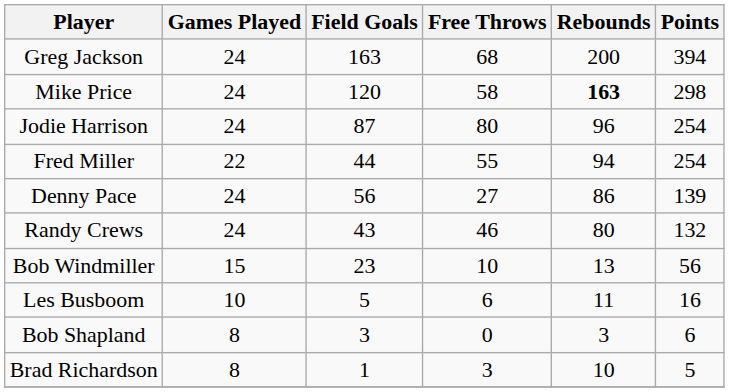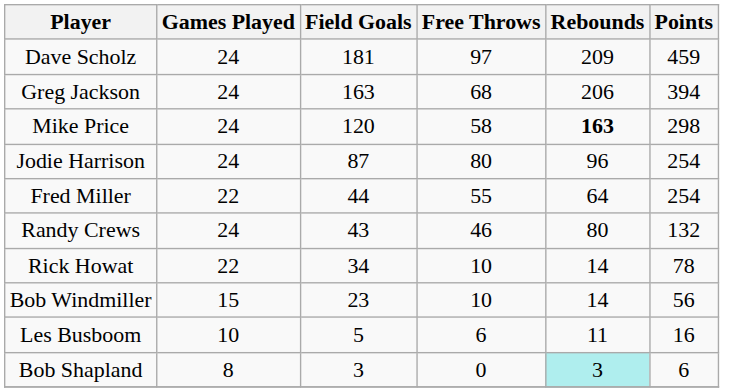 <table class="wikitable sortable">
 <tr>
 <th>Player</th>
 <th>Games Played</th>
 <th>Field Goals</th>
 <th>Free Throws</th>
 <th>Rebounds</th>
 <th>Points</th>
 </tr>
 <tr align="center" bgcolor="">
+<td>Dave Scholz</td>
+<td>24</td>
+<td>181</td>
+<td>97</td>
+<td>209</td>
+<td>459</td>
+</tr>
+<tr align="center" bgcolor="">
 <td>Greg Jackson</td>
 <td>24</td>
 <td>163</td>
 <td>68</td>
-<td>200</td>
+<td>206</td>
 <td>394</td>
 </tr>
 <tr align="center" bgcolor="">
 <td>Mike Price</td>
 <td>24</td>
 <td>120</td>
 <td>58</td>
 <td><strong>163</strong></td>
 <td>298</td>
 </tr>
 <tr align="center" bgcolor="">
 <td>Jodie Harrison</td>
 <td>24</td>
 <td>87</td>
 <td>80</td>
 <td>96</td>
 <td>254</td>
 </tr>
 <tr align="center" bgcolor="">
 <td>Fred Miller</td>
 <td>22</td>
 <td>44</td>
 <td>55</td>
-<td>94</td>
+<td>64</td>
 <td>254</td>
-</tr>
-<tr align="center" bgcolor="">
-<td>Denny Pace</td>
-<td>24</td>
-<td>56</td>
-<td>27</td>
-<td>86</td>
-<td>139</td>
 </tr>
 <tr align="center" bgcolor="">
 <td>Randy Crews</td>
 <td>24</td>
 <td>43</td>
 <td>46</td>
 <td>80</td>
 <td>132</td>
 </tr>
 <tr align="center" bgcolor="">
+<td>Rick Howat</td>
+<td>22</td>
+<td>34</td>
+<td>10</td>
+<td>14</td>
+<td>78</td>
+</tr>
+<tr align="center" bgcolor="">
 <td>Bob Windmiller</td>
 <td>15</td>
 <td>23</td>
 <td>10</td>
-<td>13</td>
+<td>14</td>
 <td>56</td>
 </tr>
 <tr align="center" bgcolor="">
 <td>Les Busboom</td>
 <td>10</td>
 <td>5</td>
 <td>6</td>
 <td>11</td>
 <td>16</td>
 </tr>
 <tr align="center">
 <td>Bob Shapland</td>
 <td>8</td>
 <td>3</td>
 <td>0</td>
-<td>3</td>
+<td style="background: paleturquoise;">3</td>
 <td>6</td>
-</tr>
-<tr align="center">
-<td>Brad Richardson</td>
-<td>8</td>
-<td>1</td>
-<td>3</td>
-<td>10</td>
-<td>5</td>
 </tr>
 <tr align="center">
 </tr>
 </table>
